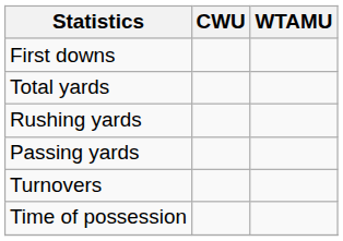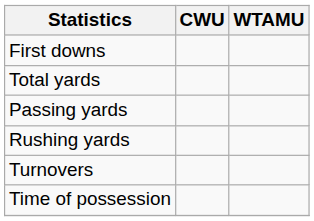 <table class="wikitable" style="float: left;">
 <tr>
 <th>Statistics</th>
 <th>CWU</th>
 <th>WTAMU</th>
 </tr>
 <tr>
 <td>First downs</td>
 <td></td>
 <td></td>
 </tr>
 <tr>
 <td>Total yards</td>
 <td></td>
 <td></td>
 </tr>
 <tr>
-<td>Rushing yards</td>
+<td>Passing yards</td>
 <td></td>
 <td></td>
 </tr>
 <tr>
-<td>Passing yards</td>
+<td>Rushing yards</td>
 <td></td>
 <td></td>
 </tr>
 <tr>
 <td>Turnovers</td>
 <td></td>
 <td></td>
 </tr>
 <tr>
 <td>Time of possession</td>
 <td></td>
 <td></td>
 </tr>
 <tr>
 </tr>
 </table>
